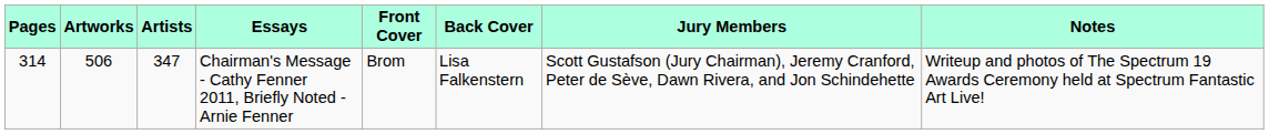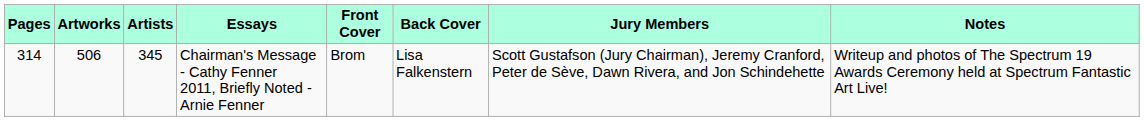 <table class="wikitable">
 <tr>
 <th style="background:#acffdf">Pages</th>
 <th style="background:#acffdf">Artworks</th>
 <th style="background:#acffdf">Artists</th>
 <th style="background:#acffdf">Essays</th>
 <th style="background:#acffdf">Front Cover</th>
 <th style="background:#acffdf">Back Cover</th>
 <th style="background:#acffdf">Jury Members</th>
 <th style="background:#acffdf">Notes</th>
 </tr>
 <tr valign="top">
 <td align="center">314</td>
 <td align="center">506</td>
-<td align="center">347</td>
+<td align="center">345</td>
 <td>Chairman's Message - Cathy Fenner<br>2011, Briefly Noted - Arnie Fenner</td>
 <td>Brom</td>
 <td>Lisa Falkenstern</td>
 <td>Scott Gustafson (Jury Chairman), Jeremy Cranford, Peter de Sève, Dawn Rivera, and Jon Schindehette</td>
 <td>Writeup and photos of The Spectrum 19 Awards Ceremony held at Spectrum Fantastic Art Live!</td>
 </tr>
 </table>
